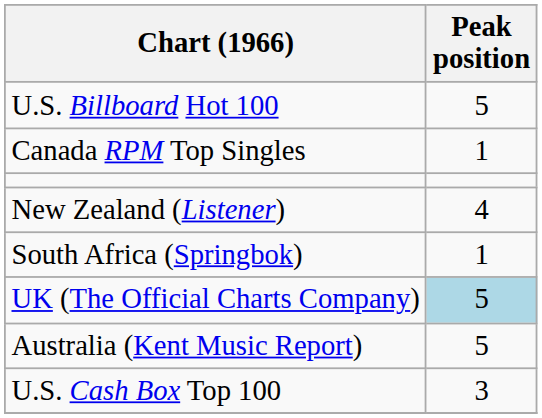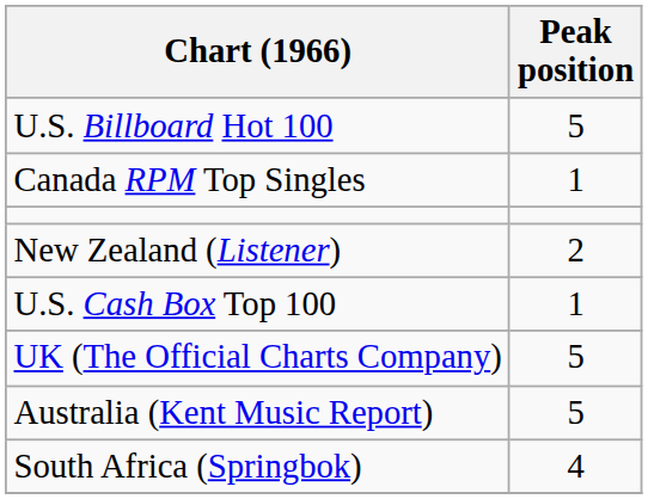 <table class="wikitable sortable">
 <tr>
 <th align="left">Chart (1966)</th>
 <th align="left">Peak<br>position</th>
 </tr>
 <tr>
 <td>U.S. <em><a href='#'>Billboard</a></em> <a href='#'>Hot 100</a></td>
 <td style="text-align:center;">5</td>
 </tr>
 <tr>
 <td>Canada <em><a href='#'>RPM</a></em> Top Singles</td>
 <td style="text-align:center;">1</td>
 </tr>
 <tr>
 <td></td>
 </tr>
 <tr>
 <td>New Zealand (<em><a href='#'>Listener</a></em>)</td>
-<td style="text-align:center;">4</td>
+<td style="text-align:center;">2</td>
 </tr>
 <tr>
-<td>South Africa (<a href='#'>Springbok</a>)</td>
+<td>U.S. <em><a href='#'>Cash Box</a></em> Top 100 </td>
 <td align="center">1</td>
 </tr>
 <tr>
 <td><a href='#'>UK</a> (<a href='#'>The Official Charts Company</a>)</td>
-<td style="background: lightblue; text-align:center;">5</td>
+<td style="text-align:center;">5</td>
 </tr>
 <tr>
 <td>Australia (<a href='#'>Kent Music Report</a>)</td>
 <td style="text-align:center;">5</td>
 </tr>
 <tr>
-<td>U.S. <em><a href='#'>Cash Box</a></em> Top 100 </td>
-<td style="text-align:center;">3</td>
+<td>South Africa (<a href='#'>Springbok</a>)</td>
+<td style="text-align:center;">4</td>
 </tr>
 <tr>
 </tr>
 </table>
